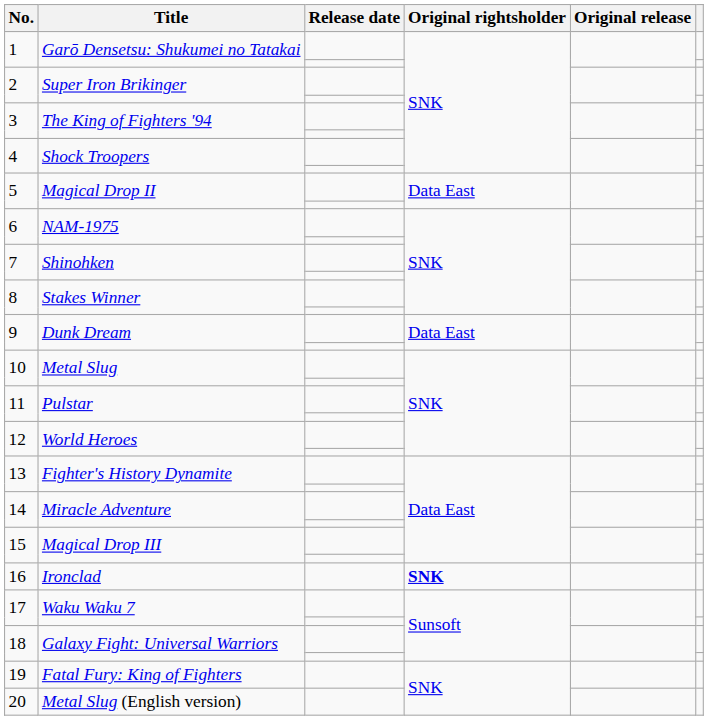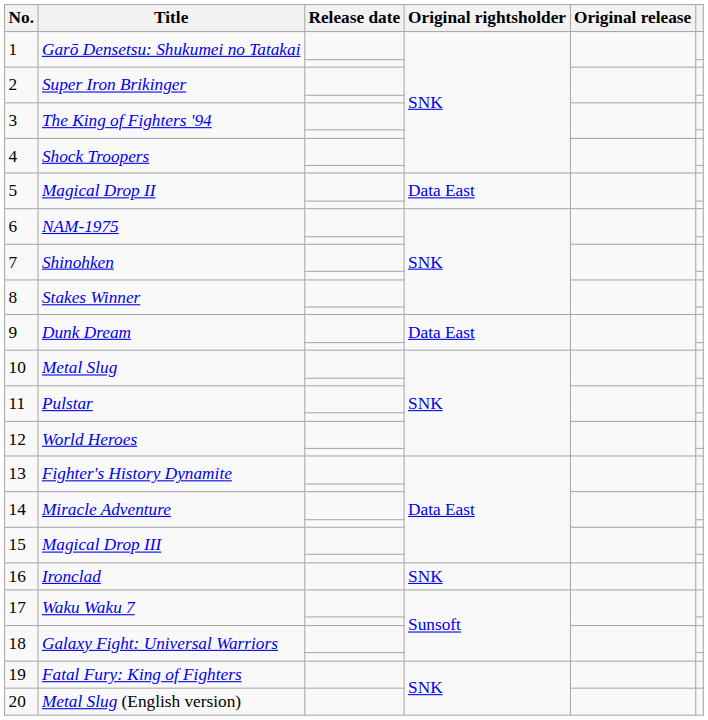 <table class="wikitable sortable" width="auto">
 <tr>
 <th>No.</th>
 <th>Title</th>
 <th>Release date</th>
 <th>Original rightsholder</th>
 <th>Original release</th>
 <th></th>
 </tr>
 <tr>
 <td rowspan="2">1</td>
 <td rowspan="2"><em><a href='#'>Garō Densetsu: Shukumei no Tatakai</a></em></td>
 <td></td>
 <td rowspan="8"><a href='#'>SNK</a></td>
 <td rowspan="2"></td>
 <td><br></td>
 </tr>
 <tr>
 <td><em></em></td>
 <td></td>
 </tr>
 <tr>
 <td rowspan="2">2</td>
 <td rowspan="2"><a href='#'><em>Super Iron Brikinger</em></a></td>
 <td></td>
 <td rowspan="2"></td>
 <td><br></td>
 </tr>
 <tr>
 <td><em></em></td>
 <td></td>
 </tr>
 <tr>
 <td rowspan="2">3</td>
 <td rowspan="2"><em><a href='#'>The King of Fighters '94</a></em></td>
 <td></td>
 <td rowspan="2"></td>
 <td><br></td>
 </tr>
 <tr>
 <td><em></em></td>
 <td></td>
 </tr>
 <tr>
 <td rowspan="2">4</td>
 <td rowspan="2"><em><a href='#'>Shock Troopers</a></em></td>
 <td></td>
 <td rowspan="2"></td>
 <td><br></td>
 </tr>
 <tr>
 <td><em></em></td>
 <td></td>
 </tr>
 <tr>
 <td rowspan="2">5</td>
 <td rowspan="2"><em><a href='#'>Magical Drop II</a></em></td>
 <td></td>
 <td rowspan="2"><a href='#'>Data East</a></td>
 <td rowspan="2"></td>
 <td><br></td>
 </tr>
 <tr>
 <td><em></em></td>
 <td></td>
 </tr>
 <tr>
 <td rowspan="2">6</td>
 <td rowspan="2"><em><a href='#'>NAM-1975</a></em></td>
 <td></td>
 <td rowspan="6"><a href='#'>SNK</a></td>
 <td rowspan="2"></td>
 <td><br></td>
 </tr>
 <tr>
 <td><em></em></td>
 <td></td>
 </tr>
 <tr>
 <td rowspan="2">7</td>
 <td rowspan="2"><em><a href='#'>Shinohken</a></em></td>
 <td></td>
 <td rowspan="2"></td>
 <td><br></td>
 </tr>
 <tr>
 <td><em></em></td>
 <td></td>
 </tr>
 <tr>
 <td rowspan="2">8</td>
 <td rowspan="2"><em><a href='#'>Stakes Winner</a></em></td>
 <td></td>
 <td rowspan="2"></td>
 <td><br></td>
 </tr>
 <tr>
 <td><em></em></td>
 <td></td>
 </tr>
 <tr>
 <td rowspan="2">9</td>
 <td rowspan="2"><em><a href='#'>Dunk Dream</a></em></td>
 <td></td>
 <td rowspan="2"><a href='#'>Data East</a></td>
 <td rowspan="2"></td>
 <td><br></td>
 </tr>
 <tr>
 <td><em></em></td>
 <td></td>
 </tr>
 <tr>
 <td rowspan="2">10</td>
 <td rowspan="2"><a href='#'><em>Metal Slug</em></a></td>
 <td></td>
 <td rowspan="6"><a href='#'>SNK</a></td>
 <td rowspan="2"></td>
 <td><br></td>
 </tr>
 <tr>
 <td><em></em></td>
 <td></td>
 </tr>
 <tr>
 <td rowspan="2">11</td>
 <td rowspan="2"><a href='#'><em>Pulstar</em></a></td>
 <td></td>
 <td rowspan="2"></td>
 <td><br></td>
 </tr>
 <tr>
 <td><em></em></td>
 <td></td>
 </tr>
 <tr>
 <td rowspan="2">12</td>
 <td rowspan="2"><a href='#'><em>World Heroes</em></a></td>
 <td></td>
 <td rowspan="2"></td>
 <td><br></td>
 </tr>
 <tr>
 <td><em></em></td>
 <td></td>
 </tr>
 <tr>
 <td rowspan="2">13</td>
 <td rowspan="2"><em><a href='#'>Fighter's History Dynamite</a></em></td>
 <td></td>
 <td rowspan="6"><a href='#'>Data East</a></td>
 <td rowspan="2"></td>
 <td><br></td>
 </tr>
 <tr>
 <td><em></em></td>
 <td></td>
 </tr>
 <tr>
 <td rowspan="2">14</td>
 <td rowspan="2"><em><a href='#'>Miracle Adventure</a></em></td>
 <td></td>
 <td rowspan="2"></td>
 <td><br></td>
 </tr>
 <tr>
 <td><em></em></td>
 <td></td>
 </tr>
 <tr>
 <td rowspan="2">15</td>
 <td rowspan="2"><em><a href='#'>Magical Drop III</a></em></td>
 <td></td>
 <td rowspan="2"></td>
 <td><br></td>
 </tr>
 <tr>
 <td><em></em></td>
 <td></td>
 </tr>
 <tr>
 <td>16</td>
 <td><a href='#'><em>Ironclad</em></a></td>
 <td></td>
-<td><strong><a href='#'>SNK</a></strong></td>
+<td><a href='#'>SNK</a></td>
 <td></td>
 <td><br></td>
 </tr>
 <tr>
 <td rowspan="2">17</td>
 <td rowspan="2"><em><a href='#'>Waku Waku 7</a></em></td>
 <td></td>
 <td rowspan="4"><a href='#'>Sunsoft</a></td>
 <td rowspan="2"></td>
 <td><br></td>
 </tr>
 <tr>
 <td></td>
 <td></td>
 </tr>
 <tr>
 <td rowspan="2">18</td>
 <td rowspan="2"><em><a href='#'>Galaxy Fight: Universal Warriors</a></em></td>
 <td></td>
 <td rowspan="2"></td>
 <td><br></td>
 </tr>
 <tr>
 <td></td>
 <td></td>
 </tr>
 <tr>
 <td>19</td>
 <td><em><a href='#'>Fatal Fury: King of Fighters</a></em></td>
 <td></td>
 <td rowspan="2"><a href='#'>SNK</a></td>
 <td></td>
 <td></td>
 </tr>
 <tr>
 <td>20</td>
 <td><em><a href='#'>Metal Slug</a></em> (English version)</td>
 <td></td>
 <td></td>
 <td></td>
 </tr>
 </table>
